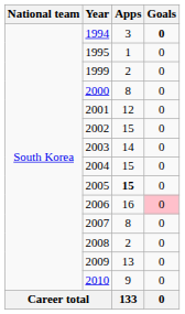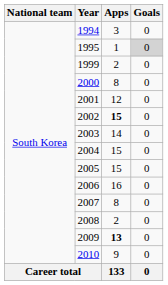 <table class="wikitable" style="text-align:center">
 <tr>
 <th>National team</th>
 <th>Year</th>
 <th>Apps</th>
 <th>Goals</th>
 </tr>
 <tr>
 <td rowspan=14><a href='#'>South Korea</a></td>
 <td><a href='#'>1994</a></td>
 <td>3</td>
-<td><strong>0</strong></td>
+<td>0</td>
 </tr>
 <tr>
 <td>1995</td>
 <td>1</td>
-<td>0</td>
+<td style="background: lightgrey;">0</td>
 </tr>
 <tr>
 <td>1999</td>
 <td>2</td>
 <td>0</td>
 </tr>
 <tr>
 <td><a href='#'>2000</a></td>
 <td>8</td>
 <td>0</td>
 </tr>
 <tr>
 <td>2001</td>
 <td>12</td>
 <td>0</td>
 </tr>
 <tr>
 <td>2002</td>
-<td>15</td>
+<td><strong>15</strong></td>
 <td>0</td>
 </tr>
 <tr>
 <td>2003</td>
 <td>14</td>
 <td>0</td>
 </tr>
 <tr>
 <td>2004</td>
 <td>15</td>
 <td>0</td>
 </tr>
 <tr>
 <td>2005</td>
-<td><strong>15</strong></td>
+<td>15</td>
 <td>0</td>
 </tr>
 <tr>
 <td>2006</td>
 <td>16</td>
-<td style="background: pink;">0</td>
+<td>0</td>
 </tr>
 <tr>
 <td>2007</td>
 <td>8</td>
 <td>0</td>
 </tr>
 <tr>
 <td>2008</td>
 <td>2</td>
 <td>0</td>
 </tr>
 <tr>
 <td>2009</td>
-<td>13</td>
+<td><strong>13</strong></td>
 <td>0</td>
 </tr>
 <tr>
 <td><a href='#'>2010</a></td>
 <td>9</td>
 <td>0</td>
 </tr>
 <tr>
 <th colspan=2>Career total</th>
 <th>133</th>
 <th>0</th>
 </tr>
 </table>
